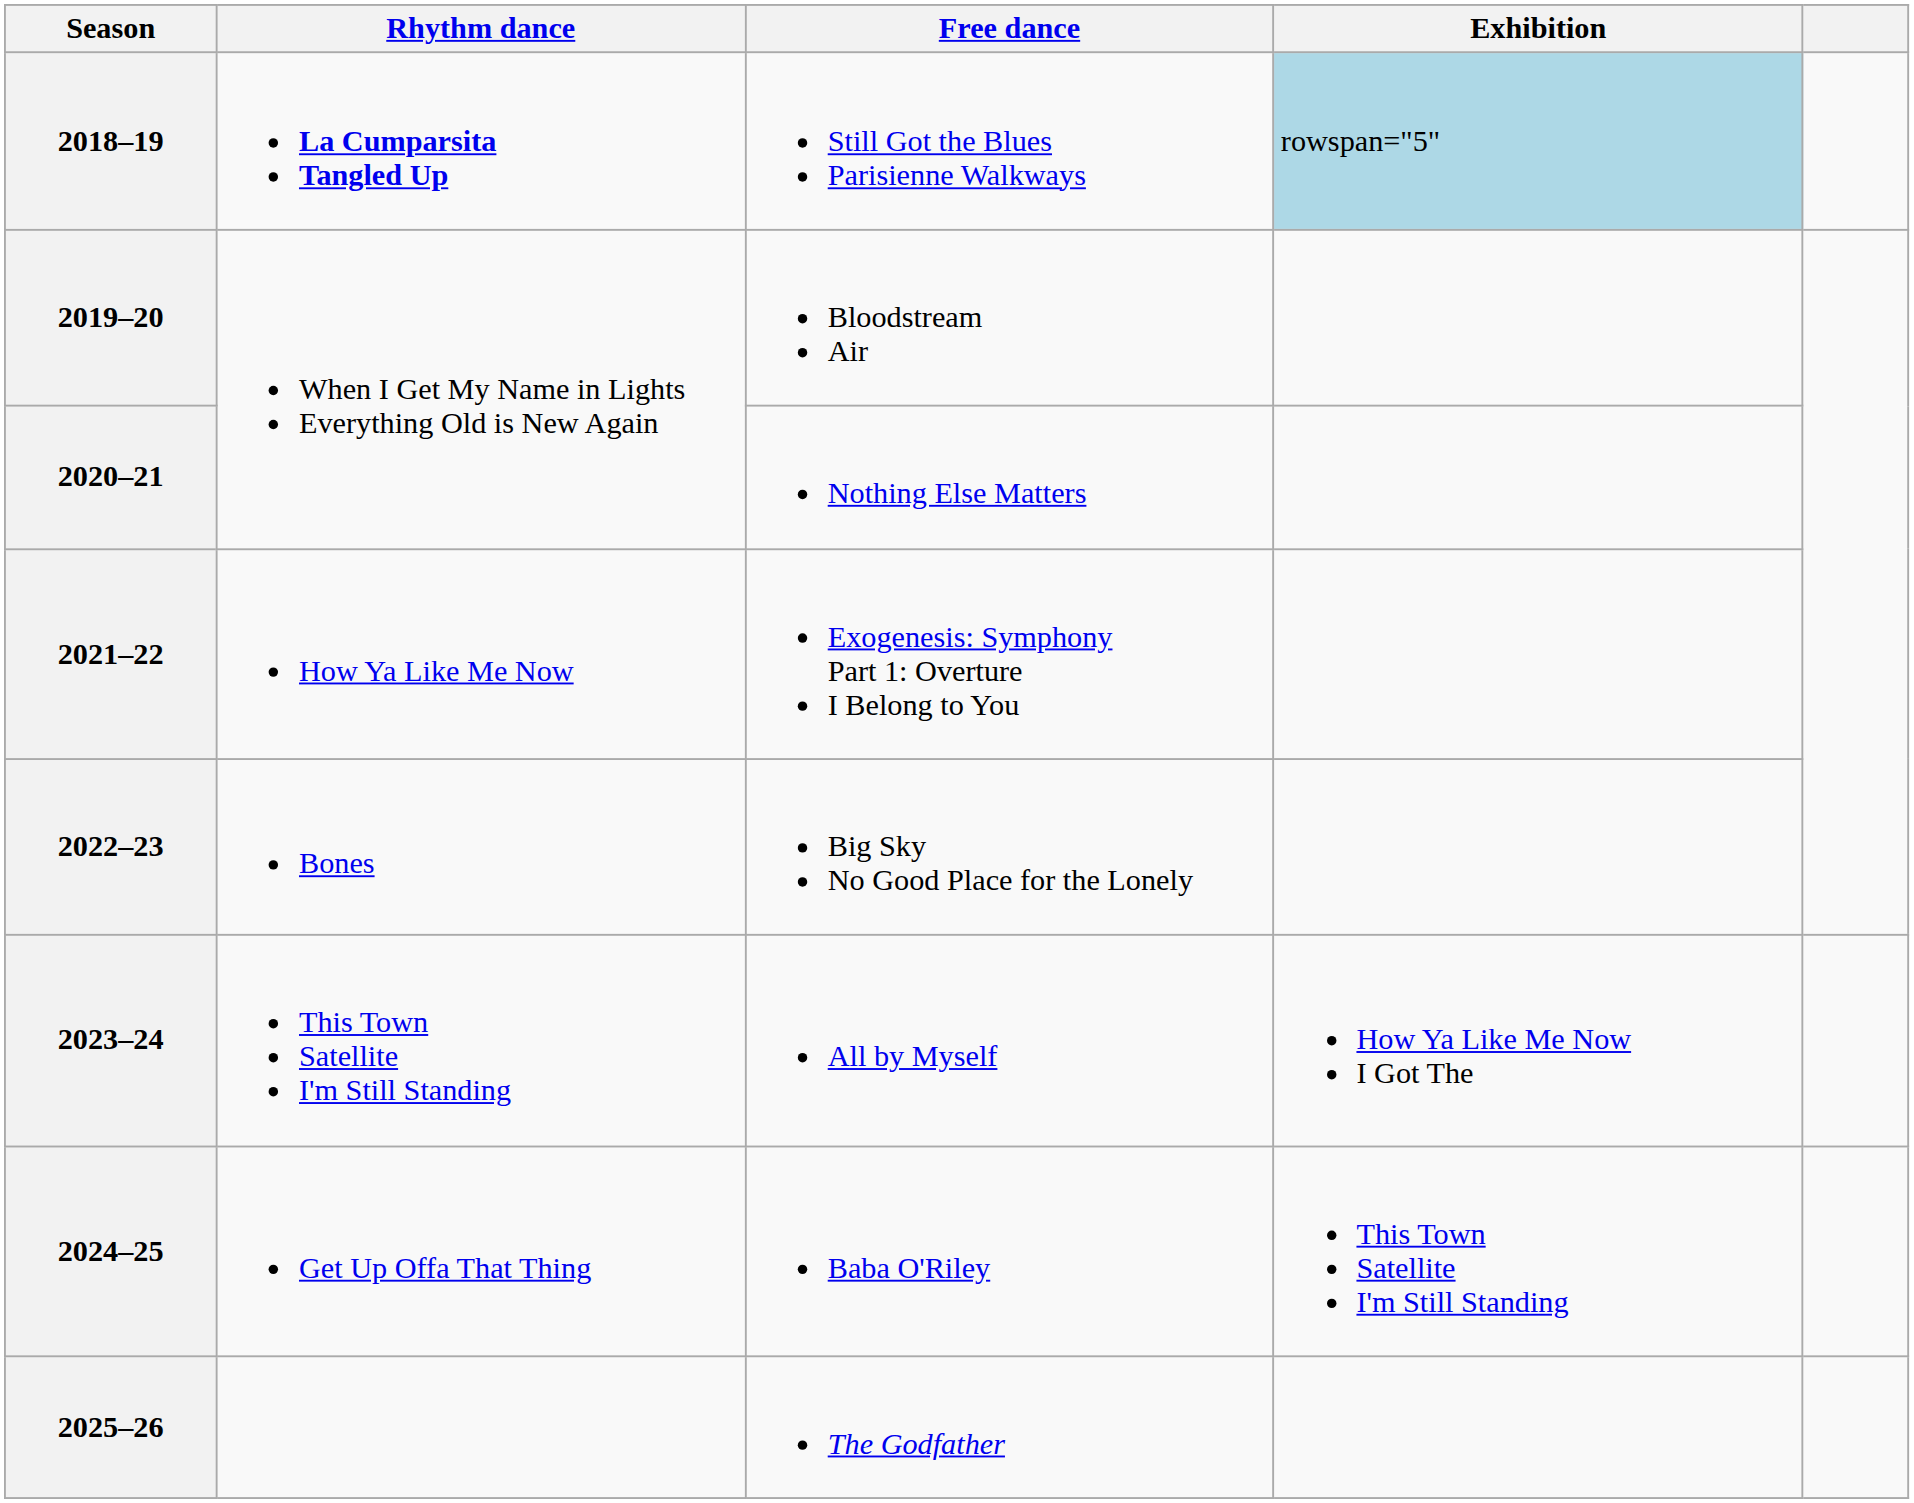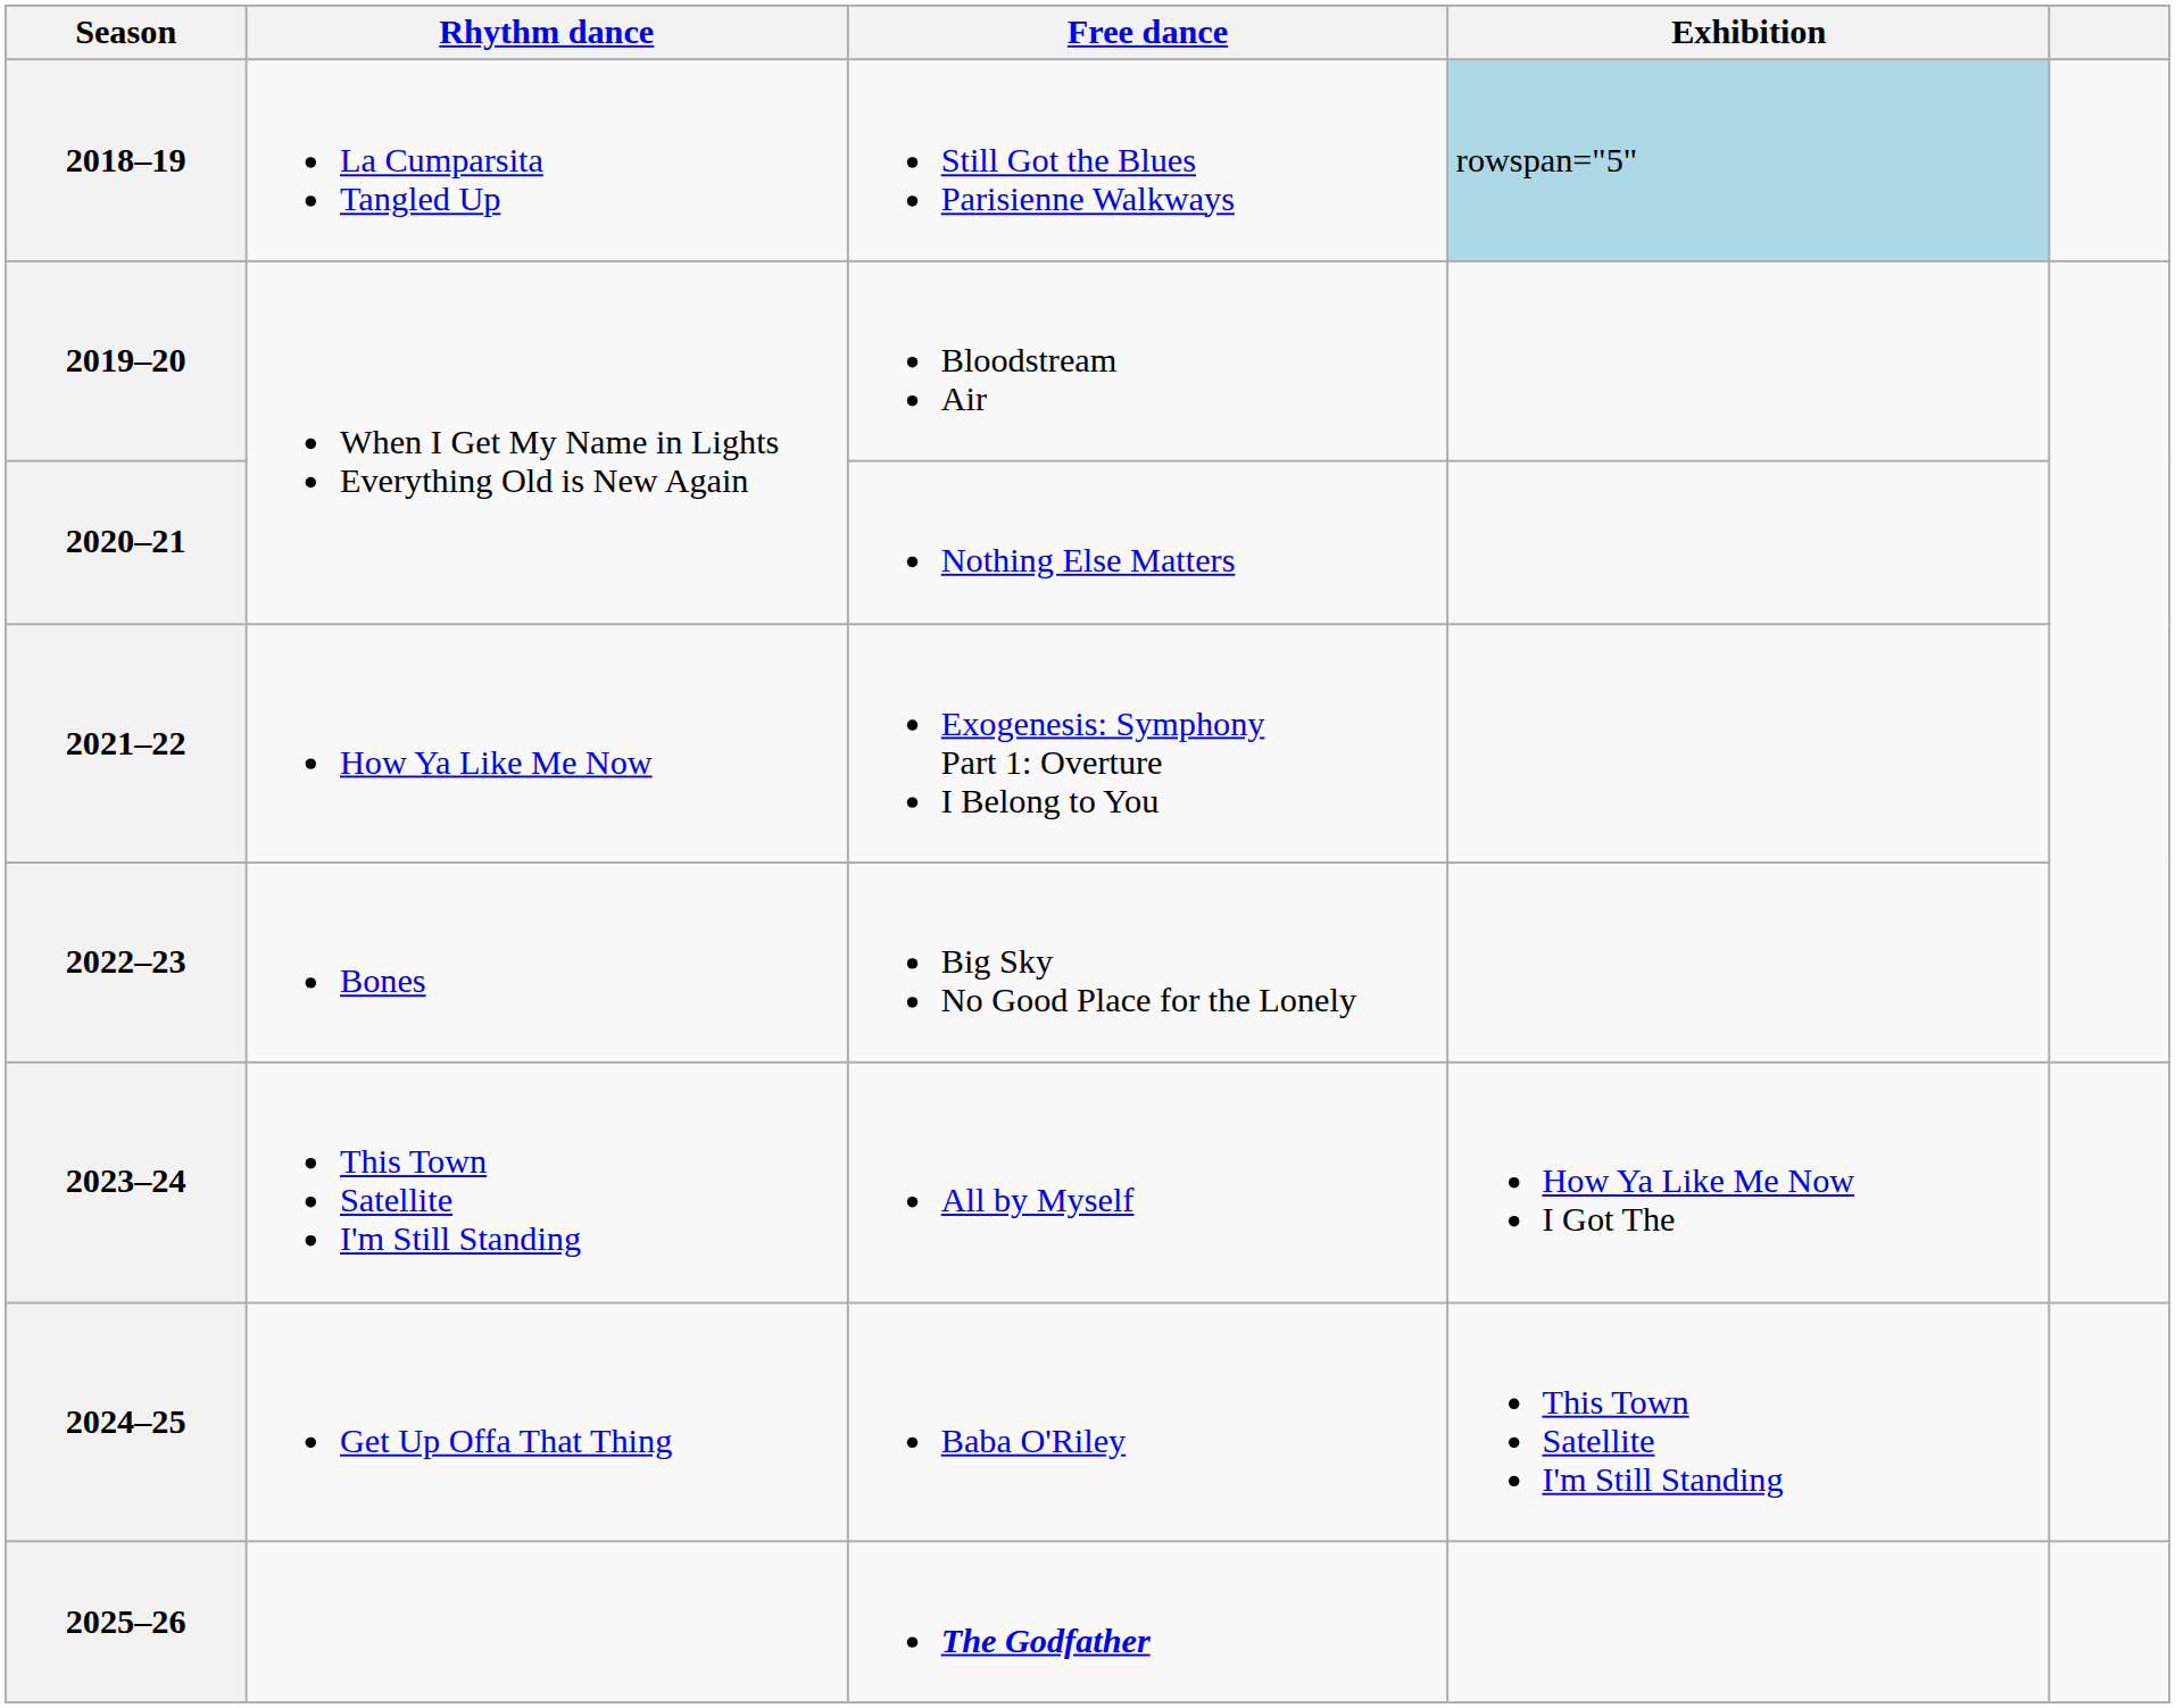 <table class="wikitable unsortable" style="text-align:left">
 <tr>
 <th scope="col" style="text-align:center; width:10%">Season</th>
 <th scope="col" style="text-align:center; width:25%"><a href='#'>Rhythm dance</a></th>
 <th scope="col" style="text-align:center; width:25%"><a href='#'>Free dance</a></th>
 <th scope="col" style="text-align:center; width:25%">Exhibition</th>
 <th scope="col" style="text-align:center; width:5%"></th>
 </tr>
 <tr>
 <th scope="row">2018–19</th>
-<td><strong><br><ul><li><a href='#'>La Cumparsita</a><br></li><li><a href='#'>Tangled Up</a><br></li></ul></strong></td>
+<td><br><ul><li><a href='#'>La Cumparsita</a><br></li><li><a href='#'>Tangled Up</a><br></li></ul></td>
 <td><br><ul><li><a href='#'>Still Got the Blues</a></li><li><a href='#'>Parisienne Walkways</a><br></li></ul></td>
 <td style="background: lightblue;">rowspan="5" </td>
 <td></td>
 </tr>
 <tr>
 <th scope="row">2019–20</th>
 <td rowspan="2"><br><ul><li>When I Get My Name in Lights</li><li>Everything Old is New Again<br></li></ul></td>
 <td><br><ul><li>Bloodstream<br></li><li>Air<br></li></ul></td>
 <td></td>
 </tr>
 <tr>
 <th scope="row">2020–21</th>
 <td><br><ul><li><a href='#'>Nothing Else Matters</a><br></li></ul></td>
 <td></td>
 </tr>
 <tr>
 <th scope="row">2021–22</th>
 <td><br><ul><li><a href='#'>How Ya Like Me Now</a><br></li></ul></td>
 <td><br><ul><li><a href='#'>Exogenesis: Symphony</a><br>Part 1: Overture</li><li>I Belong to You<br></li></ul></td>
 <td></td>
 </tr>
 <tr>
 <th scope="row">2022–23</th>
 <td><br><ul><li><a href='#'>Bones</a><br></li></ul></td>
 <td><br><ul><li>Big Sky<br></li><li>No Good Place for the Lonely<br></li></ul></td>
 <td></td>
 </tr>
 <tr>
 <th scope="row">2023–24</th>
 <td><br><ul><li><a href='#'>This Town</a></li><li><a href='#'>Satellite</a></li><li><a href='#'>I'm Still Standing</a><br></li></ul></td>
 <td><br><ul><li><a href='#'>All by Myself</a><br></li></ul></td>
 <td><br><ul><li><a href='#'>How Ya Like Me Now</a><br></li><li>I Got The<br></li></ul></td>
 <td></td>
 </tr>
 <tr>
 <th scope="row">2024–25</th>
 <td><br><ul><li><a href='#'>Get Up Offa That Thing</a><br></li></ul></td>
 <td><br><ul><li><a href='#'>Baba O'Riley</a><br></li></ul></td>
 <td><br><ul><li><a href='#'>This Town</a></li><li><a href='#'>Satellite</a></li><li><a href='#'>I'm Still Standing</a><br></li></ul></td>
 <td></td>
 </tr>
 <tr>
 <th scope="row">2025–26</th>
 <td></td>
-<td><br><ul><li><em><a href='#'>The Godfather</a></em><br></li></ul></td>
+<td><strong><br><ul><li><em><a href='#'>The Godfather</a></em><br></li></ul></strong></td>
 <td></td>
 <td></td>
 </tr>
 </table>
